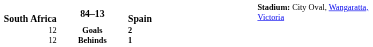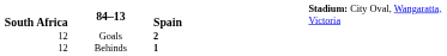 <table style="width: 100%; background: transparent;" cellspacing="0">
 <tr>
 <td align=center valign=top rowspan=3 width=15%></td>
 </tr>
 <tr>
 <td width=24% align=right><br><strong>South Africa</strong></td>
 <td align=center width=13%><strong>84–13</strong></td>
 <td width=24%><br><strong>Spain</strong></td>
 <td style=font-size:85% rowspan=2 valign=top><strong>Stadium:</strong> City Oval, <a href='#'>Wangaratta, Victoria</a></td>
 </tr>
 <tr style=font-size:85%>
 <td align=right valign=top>12<br> 12</td>
-<td align=center valign=top><strong>Goals <br>Behinds</strong></td>
+<td align=center valign=top>Goals <br>Behinds</td>
 <td valign=top><strong>2<br> 1</strong></td>
 </tr>
 </table>
